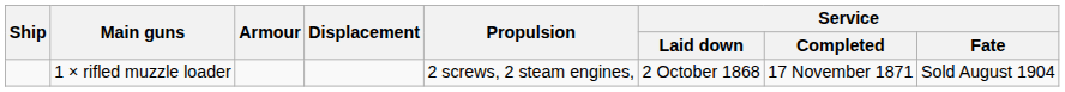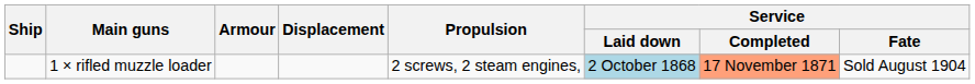 <table class="wikitable">
 <tr valign="center">
 <th align= center rowspan=2>Ship</th>
 <th align= center rowspan=2>Main guns</th>
 <th align= center rowspan=2>Armour</th>
 <th align= center rowspan=2>Displacement</th>
 <th align= center rowspan=2>Propulsion</th>
 <th align= center colspan=3>Service</th>
 </tr>
 <tr valign="top">
 <th align= center>Laid down</th>
 <th align= center>Completed</th>
 <th align= center>Fate</th>
 </tr>
 <tr valign="center">
 <td align= left></td>
 <td align= center>1 ×  rifled muzzle loader</td>
 <td align= center></td>
 <td align= center></td>
 <td align= center>2 screws, 2 steam engines, </td>
-<td align= center>2 October 1868</td>
-<td align= center>17 November 1871</td>
+<td align= center style="background: lightblue;">2 October 1868</td>
+<td align= center style="background: lightsalmon;">17 November 1871</td>
 <td align= center>Sold August 1904</td>
 </tr>
 </table>
